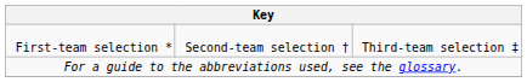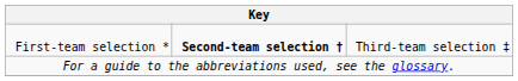 <table class="wikitable" style="margin:1em auto;">
 <tr>
 <th colspan=3>Key</th>
 </tr>
 <tr>
 <td><br> First-team selection *<br></td>
-<td><br> Second-team selection †<br></td>
+<td><strong><br> Second-team selection †<br></strong></td>
 <td><br> Third-team selection ‡<br></td>
 </tr>
 <tr>
 <td colspan=3 style="text-align:center;"><em>For a guide to the abbreviations used, see the <a href='#'>glossary</a>.</em></td>
 </tr>
 <tr>
 </tr>
 </table>
